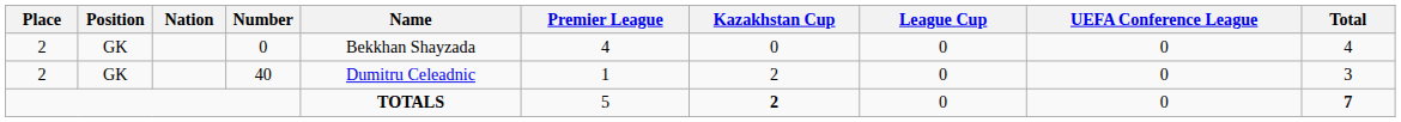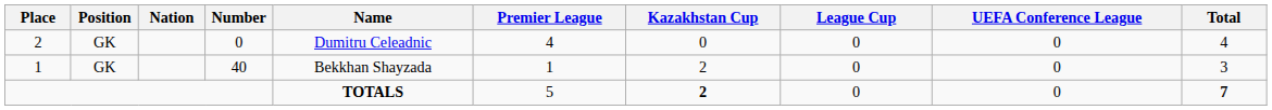 <table class="wikitable" style="font-size: 95%; text-align: center;">
 <tr>
 <th width=60>Place</th>
 <th width=60>Position</th>
 <th width=60>Nation</th>
 <th width=60>Number</th>
 <th width=200>Name</th>
 <th width=150><a href='#'>Premier League</a></th>
 <th width=150><a href='#'>Kazakhstan Cup</a></th>
 <th width=150><a href='#'>League Cup</a></th>
 <th width=250><a href='#'>UEFA Conference League</a></th>
 <th width=80>Total</th>
 </tr>
 <tr>
 <td>2</td>
 <td>GK</td>
 <td></td>
 <td>0</td>
-<td>Bekkhan Shayzada</td>
+<td><a href='#'>Dumitru Celeadnic</a></td>
 <td>4</td>
 <td>0</td>
 <td>0</td>
 <td>0</td>
 <td>4</td>
 </tr>
 <tr>
-<td>2</td>
+<td>1</td>
 <td>GK</td>
 <td></td>
 <td>40</td>
-<td><a href='#'>Dumitru Celeadnic</a></td>
+<td>Bekkhan Shayzada</td>
 <td>1</td>
 <td>2</td>
 <td>0</td>
 <td>0</td>
 <td>3</td>
 </tr>
 <tr>
 <td colspan="4"></td>
 <td><strong>TOTALS</strong></td>
 <td>5</td>
 <td><strong>2</strong></td>
 <td>0</td>
 <td>0</td>
 <td><strong>7</strong></td>
 </tr>
 </table>
